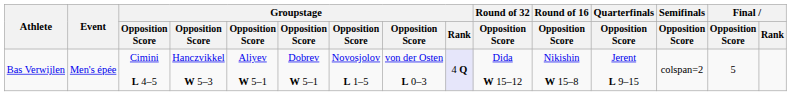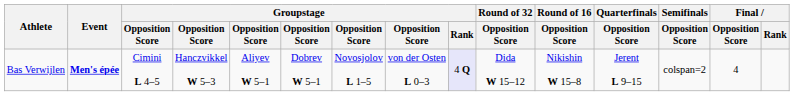 <table class="wikitable" style="font-size:90%">
 <tr>
 <th rowspan="2">Athlete</th>
 <th rowspan="2">Event</th>
 <th colspan="7">Groupstage</th>
 <th>Round of 32</th>
 <th>Round of 16</th>
 <th>Quarterfinals</th>
 <th>Semifinals</th>
 <th colspan="2">Final / </th>
 </tr>
 <tr style="font-size:95%">
 <th>Opposition<br>Score</th>
 <th>Opposition<br>Score</th>
 <th>Opposition<br>Score</th>
 <th>Opposition<br>Score</th>
 <th>Opposition<br>Score</th>
 <th>Opposition<br>Score</th>
 <th>Rank</th>
 <th>Opposition<br>Score</th>
 <th>Opposition<br>Score</th>
 <th>Opposition<br>Score</th>
 <th>Opposition<br>Score</th>
 <th>Opposition<br>Score</th>
 <th>Rank</th>
 </tr>
 <tr align=center>
 <td><a href='#'>Bas Verwijlen</a></td>
-<td><a href='#'>Men's épée</a></td>
+<td><strong><a href='#'>Men's épée</a></strong></td>
 <td><a href='#'>Cimini</a><br><br><strong>L</strong> 4–5</td>
 <td><a href='#'>Hanczvikkel</a><br><br><strong>W</strong> 5–3</td>
 <td><a href='#'>Aliyev</a><br><br><strong>W</strong> 5–1</td>
 <td><a href='#'>Dobrev</a><br><br><strong>W</strong> 5–1</td>
 <td><a href='#'>Novosjolov</a><br><br><strong>L</strong> 1–5</td>
 <td><a href='#'>von der Osten</a><br><br><strong>L</strong> 0–3</td>
 <td style="background: lavender;">4 <strong>Q</strong></td>
 <td><a href='#'>Dida</a><br><br><strong>W</strong> 15–12</td>
 <td><a href='#'>Nikishin</a><br><br><strong>W</strong> 15–8</td>
 <td><a href='#'>Jerent</a><br><br><strong>L</strong> 9–15</td>
 <td>colspan=2 </td>
-<td>5</td>
+<td>4</td>
 </tr>
 </table>
